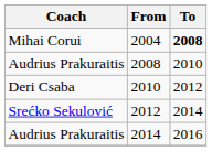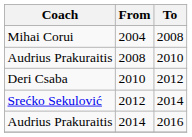 <table class="wikitable">
 <tr>
 <th>Coach</th>
 <th>From</th>
 <th>To</th>
 </tr>
 <tr>
 <td> Mihai Corui</td>
 <td>2004</td>
-<td><strong>2008</strong></td>
+<td>2008</td>
 </tr>
 <tr>
 <td> Audrius Prakuraitis</td>
 <td>2008</td>
 <td>2010</td>
 </tr>
 <tr>
 <td> Deri Csaba</td>
 <td>2010</td>
 <td>2012</td>
 </tr>
 <tr>
 <td> <a href='#'>Srećko Sekulović</a></td>
 <td>2012</td>
 <td>2014</td>
 </tr>
 <tr>
 <td> Audrius Prakuraitis</td>
 <td>2014</td>
 <td>2016</td>
 </tr>
 <tr>
 </tr>
 </table>
